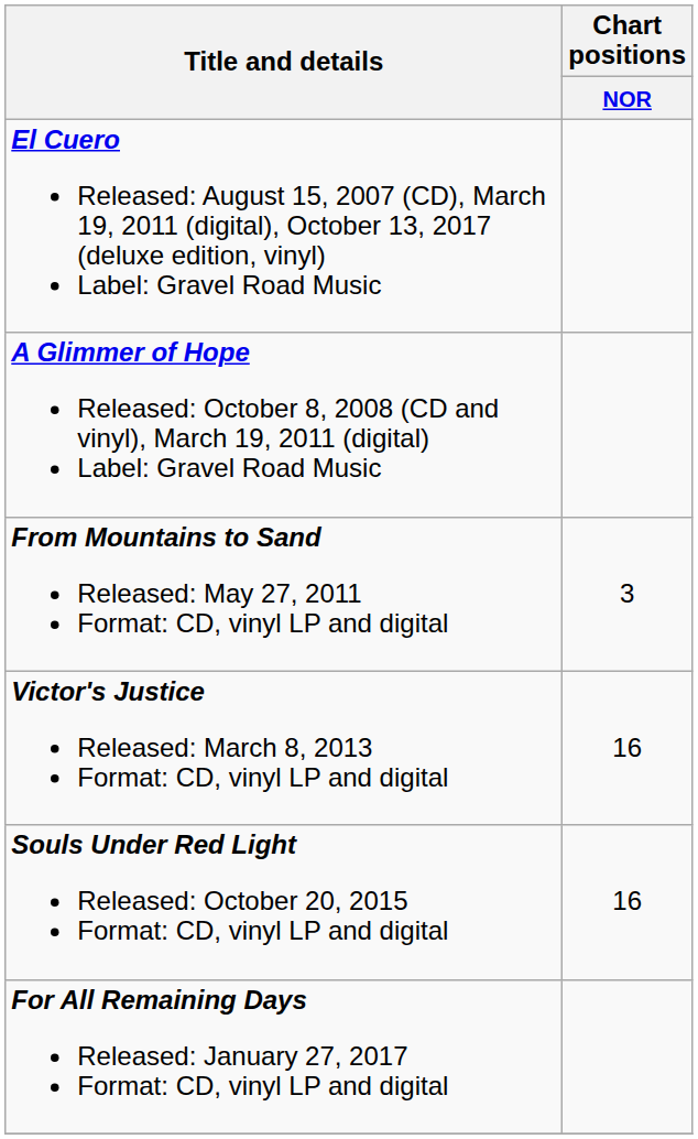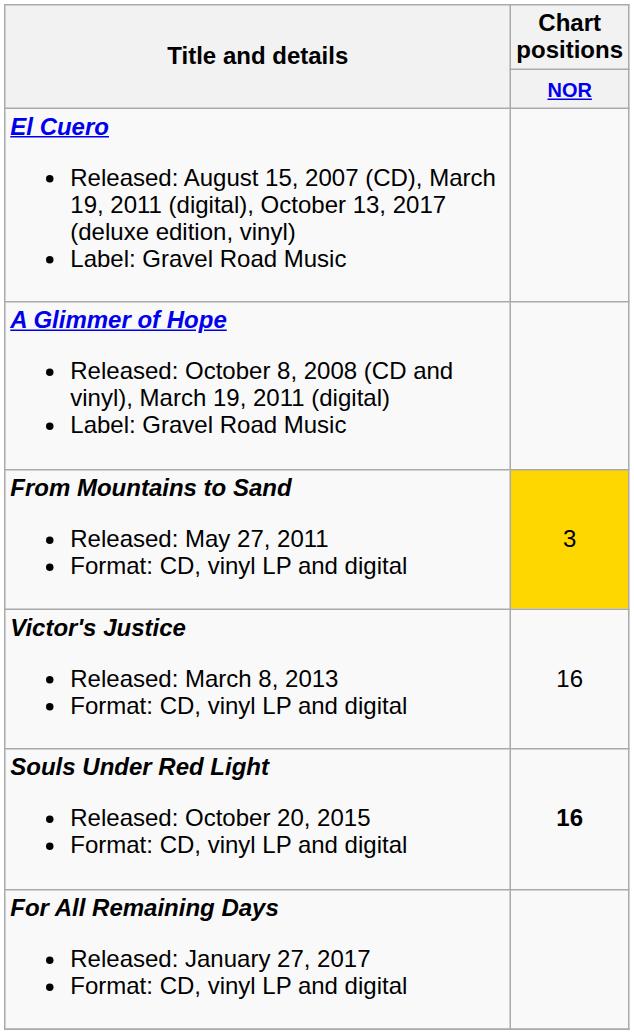 <table class="wikitable">
 <tr>
 <th rowspan="2">Title and details</th>
 <th colspan="1">Chart <br>positions<br></th>
 </tr>
 <tr>
 <th style="width:40px;"><small><a href='#'>NOR</a></small></th>
 </tr>
 <tr>
 <td style="width:220px; text-align:left;"><strong><em><a href='#'>El Cuero</a></em></strong><br><ul><li>Released: August 15, 2007 (CD), March 19, 2011 (digital), October 13, 2017 (deluxe edition, vinyl)</li><li>Label: Gravel Road Music</li></ul></td>
 <td style="text-align:center;"></td>
 </tr>
 <tr>
 <td style="width:330px; text-align:left;"><strong><em><a href='#'>A Glimmer of Hope</a></em></strong><br><ul><li>Released: October 8, 2008 (CD and vinyl), March 19, 2011 (digital)</li><li>Label: Gravel Road Music</li></ul></td>
 <td style="text-align:center;"></td>
 </tr>
 <tr>
 <td style="width:330px; text-align:left;"><strong><em>From Mountains to Sand</em></strong><br><ul><li>Released: May 27, 2011</li><li>Format: CD, vinyl LP and digital</li></ul></td>
-<td style="text-align:center;">3</td>
+<td style="background: gold; text-align:center;">3</td>
 </tr>
 <tr>
 <td style="width:330px; text-align:left;"><strong><em>Victor's Justice</em></strong><br><ul><li>Released: March 8, 2013</li><li>Format: CD, vinyl LP and digital</li></ul></td>
 <td style="text-align:center;">16</td>
 </tr>
 <tr>
 <td style="width:330px; text-align:left;"><strong><em>Souls Under Red Light</em></strong><br><ul><li>Released: October 20, 2015</li><li>Format: CD, vinyl LP and digital</li></ul></td>
-<td style="text-align:center;">16</td>
+<td style="text-align:center;"><strong>16</strong></td>
 </tr>
 <tr>
 <td style="width:330px; text-align:left;"><strong><em>For All Remaining Days</em></strong><br><ul><li>Released: January 27, 2017</li><li>Format: CD, vinyl LP and digital</li></ul></td>
 <td style="text-align:center;"></td>
 </tr>
 <tr>
 </tr>
 </table>
